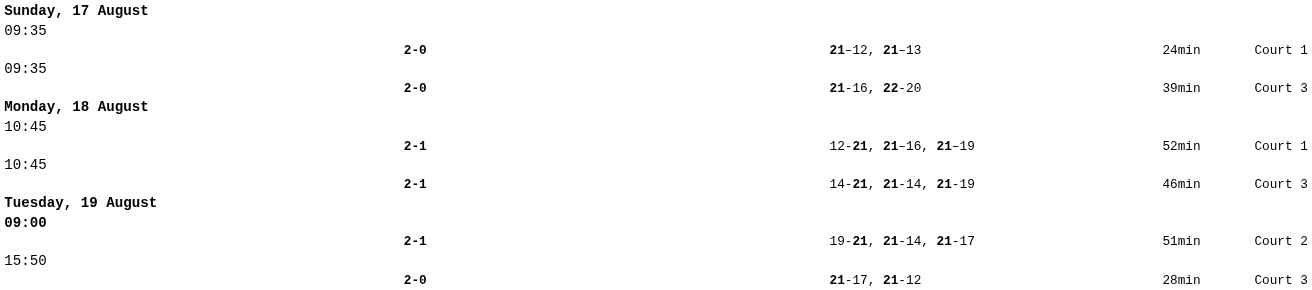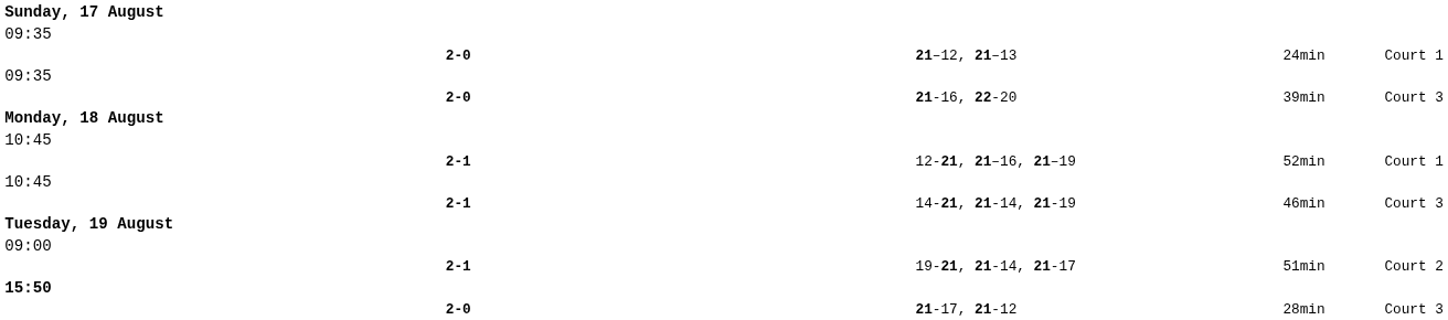 <table style="width:100%;" cellspacing="1">
 <tr>
 <th width=25%></th>
 <th width=10%></th>
 <th width=25%></th>
 </tr>
 <tr>
 <td><strong>Sunday, 17 August</strong></td>
 </tr>
 <tr>
 <td>09:35</td>
 </tr>
 <tr style=font-size:90%>
 <td align=right><strong></strong></td>
 <td align=center><strong> 2-0 </strong></td>
 <td></td>
 <td><strong>21</strong>–12, <strong>21</strong>–13</td>
 <td>24min</td>
 <td>Court 1</td>
 </tr>
 <tr>
 <td>09:35</td>
 </tr>
 <tr style=font-size:90%>
 <td align=right><strong></strong></td>
 <td align=center><strong> 2-0 </strong></td>
 <td></td>
 <td><strong>21</strong>-16, <strong>22</strong>-20</td>
 <td>39min</td>
 <td>Court 3</td>
 </tr>
 <tr>
 <td><strong>Monday, 18 August</strong></td>
 </tr>
 <tr>
 <td>10:45</td>
 </tr>
 <tr style=font-size:90%>
 <td align=right><strong></strong></td>
 <td align=center><strong> 2-1 </strong></td>
 <td></td>
 <td>12-<strong>21</strong>, <strong>21</strong>–16, <strong>21</strong>–19</td>
 <td>52min</td>
 <td>Court 1</td>
 </tr>
 <tr>
 <td>10:45</td>
 </tr>
 <tr style=font-size:90%>
 <td align=right><strong></strong></td>
 <td align=center><strong> 2-1 </strong></td>
 <td></td>
 <td>14-<strong>21</strong>, <strong>21</strong>-14, <strong>21</strong>-19</td>
 <td>46min</td>
 <td>Court 3</td>
 </tr>
 <tr>
 <td><strong>Tuesday, 19 August</strong></td>
 </tr>
 <tr>
-<td><strong>09:00</strong></td>
+<td>09:00</td>
 </tr>
 <tr style=font-size:90%>
 <td align=right><strong></strong></td>
 <td align=center><strong> 2-1 </strong></td>
 <td></td>
 <td>19-<strong>21</strong>, <strong>21</strong>-14, <strong>21</strong>-17</td>
 <td>51min</td>
 <td>Court 2</td>
 </tr>
 <tr>
-<td>15:50</td>
+<td><strong>15:50</strong></td>
 </tr>
 <tr style=font-size:90%>
 <td align=right><strong></strong></td>
 <td align=center><strong> 2-0 </strong></td>
 <td></td>
 <td><strong>21</strong>-17, <strong>21</strong>-12</td>
 <td>28min</td>
 <td>Court 3</td>
 </tr>
 </table>
